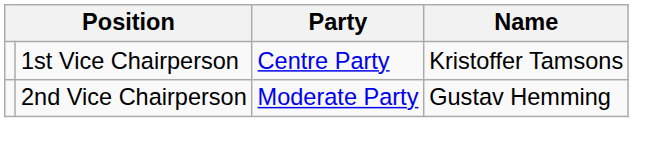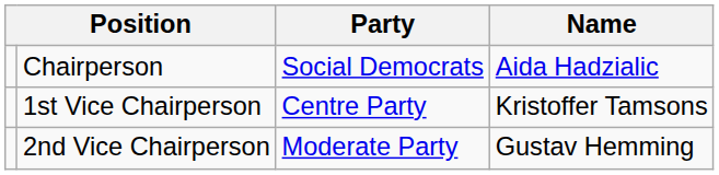 <table class="wikitable">
 <tr>
 <th colspan="2">Position</th>
 <th>Party</th>
 <th>Name</th>
+</tr>
+<tr>
+<td></td>
+<td>Chairperson</td>
+<td><a href='#'>Social Democrats</a></td>
+<td><a href='#'>Aida Hadzialic</a></td>
 </tr>
 <tr>
 <td></td>
 <td>1st Vice Chairperson</td>
 <td><a href='#'>Centre Party</a></td>
 <td>Kristoffer Tamsons</td>
 </tr>
 <tr>
 <td></td>
 <td>2nd Vice Chairperson</td>
 <td><a href='#'>Moderate Party</a></td>
 <td>Gustav Hemming</td>
 </tr>
 </table>
